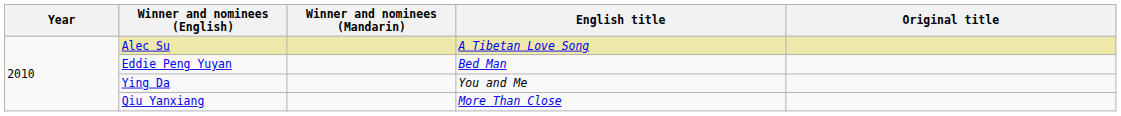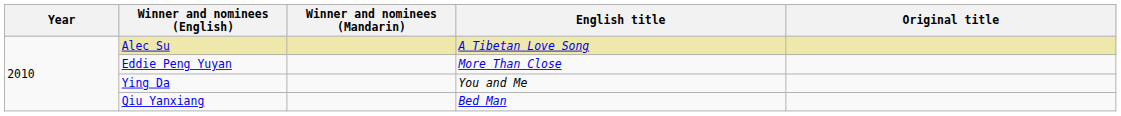 <table class="wikitable" style="width:100%;">
 <tr style="background:#BEBEBE">
 <th width="100"><strong>Year</strong></th>
 <th width="150"><strong>Winner and nominees<br>(English)</strong></th>
 <th width="150"><strong>Winner and nominees<br>(Mandarin)</strong></th>
 <th width="300"><strong>English title</strong></th>
 <th width="300"><strong>Original title</strong></th>
 </tr>
 <tr>
 <td rowspan="4">2010</td>
 <td style="background:#EEE8AA;"><a href='#'>Alec Su</a></td>
 <td style="background:#EEE8AA;"></td>
 <td style="background:#EEE8AA;"><em><a href='#'>A Tibetan Love Song</a></em></td>
 <td style="background:#EEE8AA;"></td>
 </tr>
 <tr>
 <td><a href='#'>Eddie Peng Yuyan</a></td>
 <td></td>
-<td><em><a href='#'>Bed Man</a></em></td>
+<td><em><a href='#'>More Than Close</a></em></td>
 <td></td>
 </tr>
 <tr>
 <td><a href='#'>Ying Da</a></td>
 <td></td>
 <td><em>You and Me</em></td>
 <td></td>
 </tr>
 <tr>
 <td><a href='#'>Qiu Yanxiang</a></td>
 <td></td>
-<td><em><a href='#'>More Than Close</a></em></td>
+<td><em><a href='#'>Bed Man</a></em></td>
 <td></td>
 </tr>
 </table>
